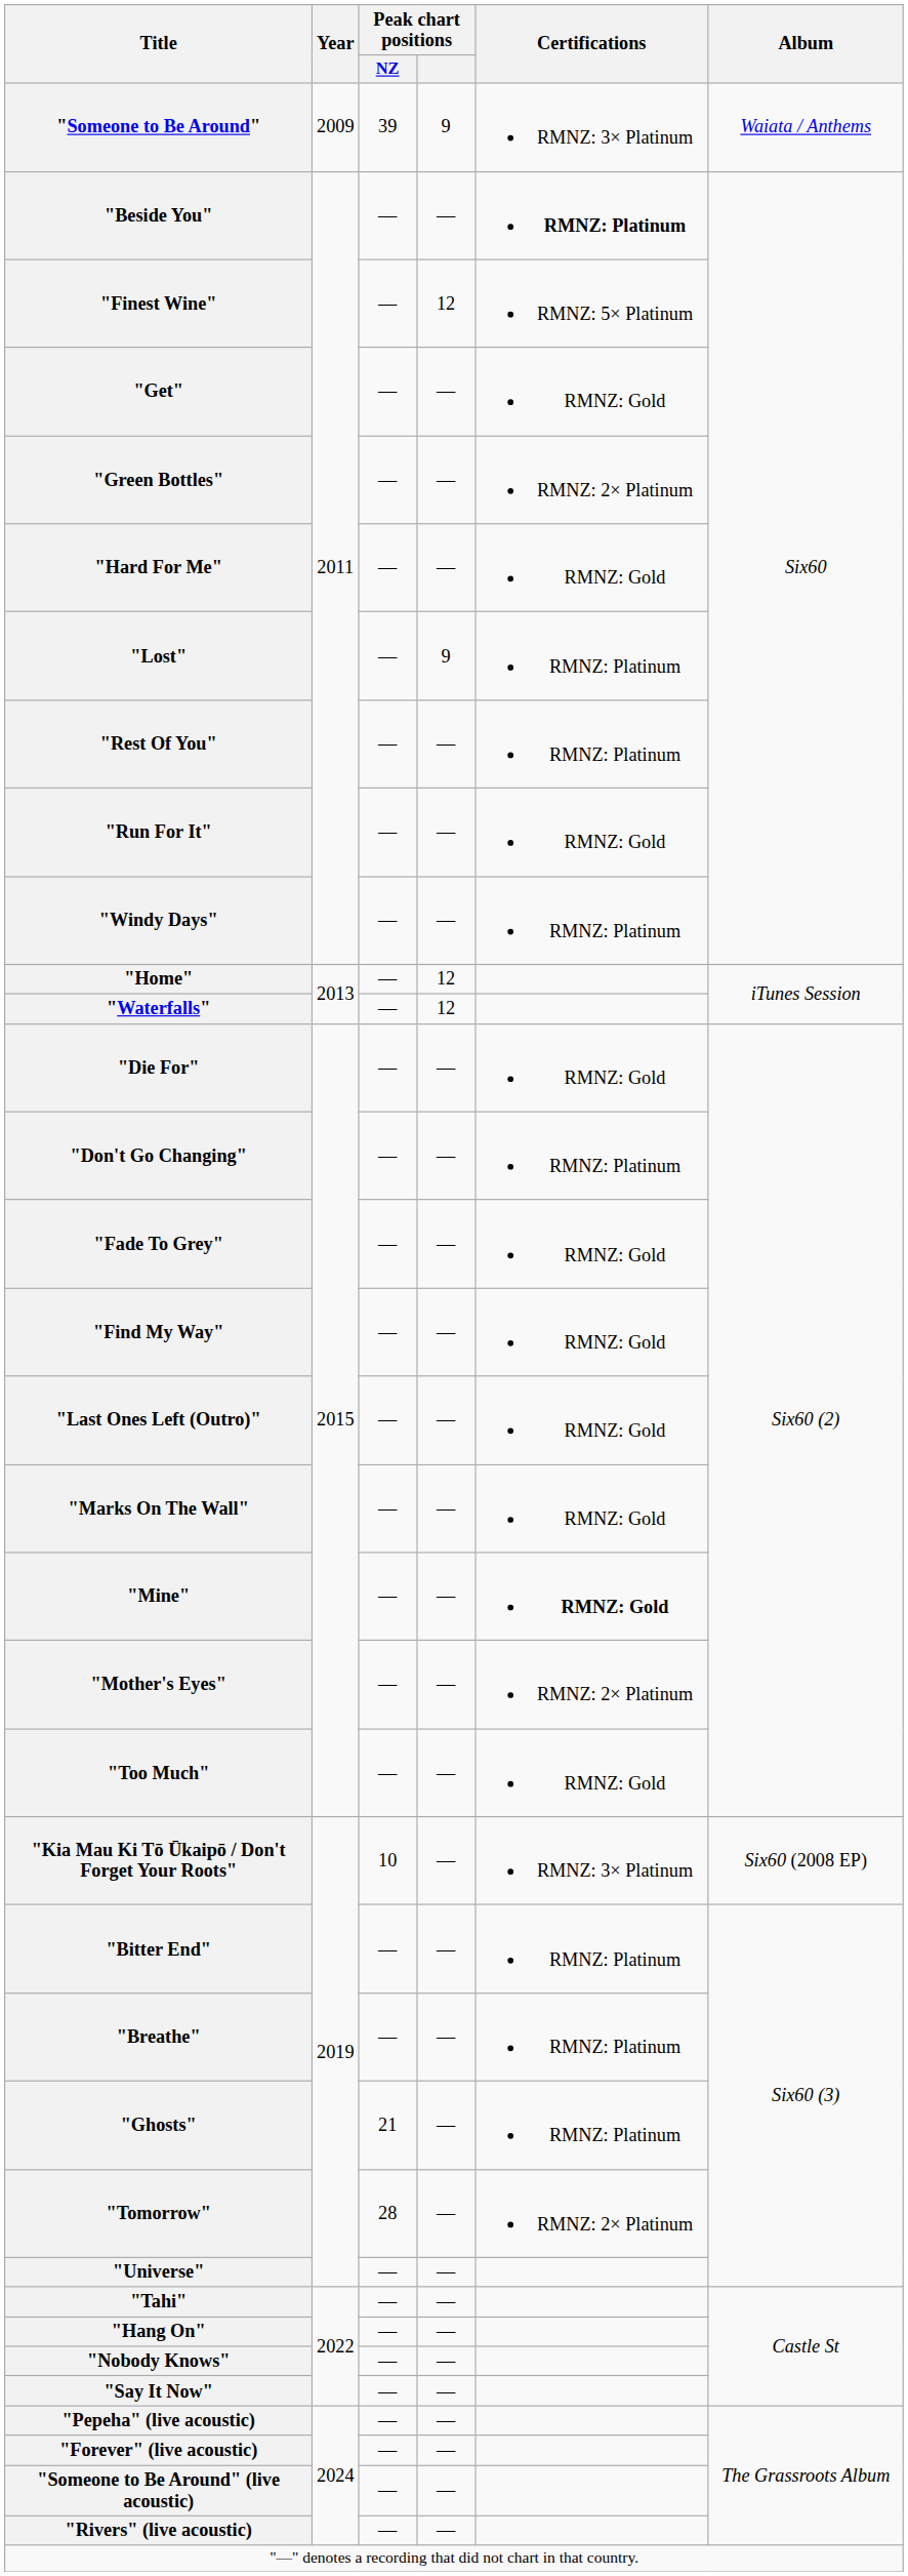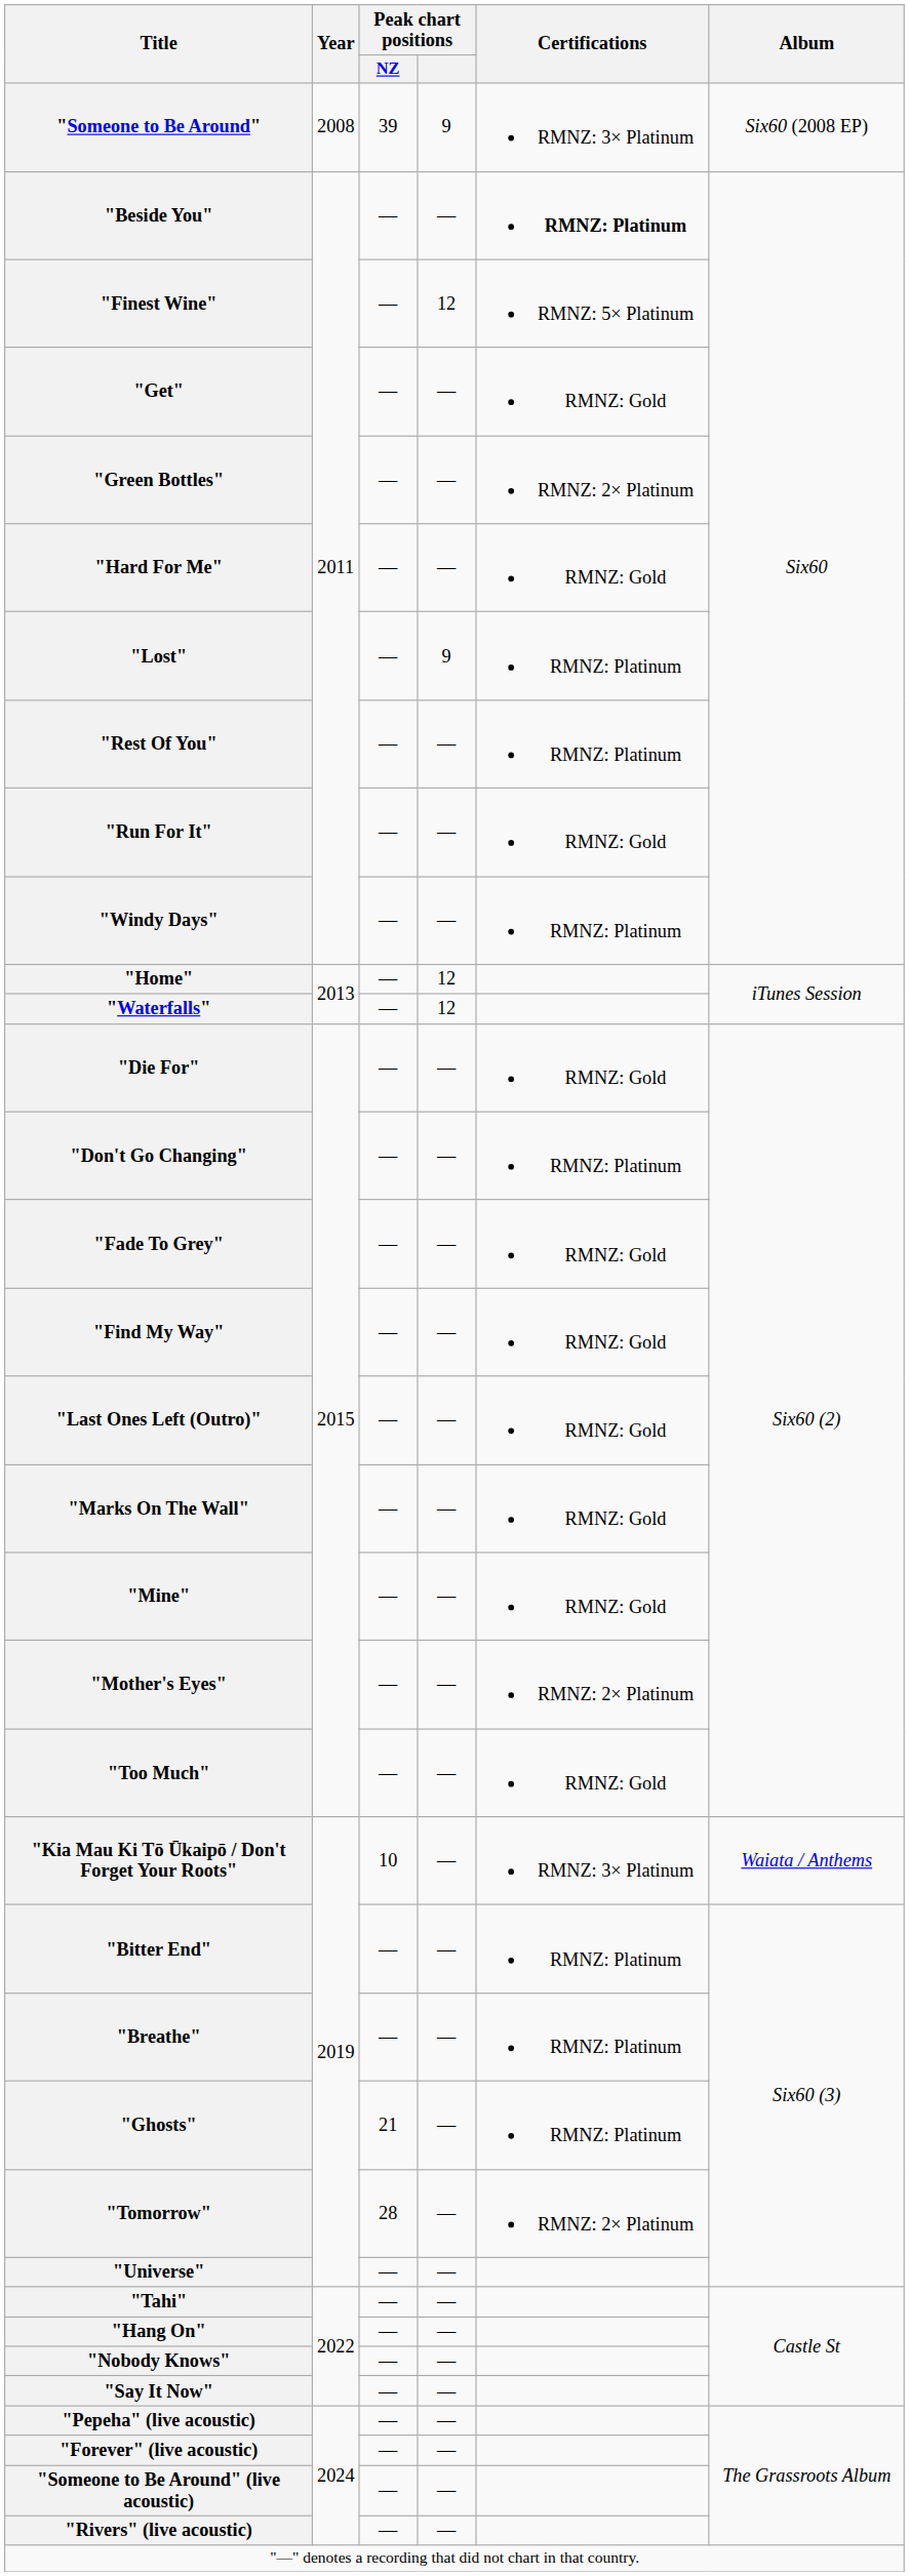 <table class="wikitable plainrowheaders" style="text-align:center;">
 <tr>
 <th scope="col" rowspan="2" style="width:16em;">Title</th>
 <th scope="col" rowspan="2" style="width:1em;">Year</th>
 <th scope="col" colspan="2">Peak chart positions</th>
 <th scope="col" rowspan="2" style="width:12em;">Certifications</th>
 <th scope="col" rowspan="2" style="width:10em;">Album</th>
 </tr>
 <tr>
 <th scope="col" style="width:3em;font-size:90%;"><a href='#'>NZ</a><br></th>
 <th scope="col" style="width:3em;font-size:90%;"><a href='#'></a><br></th>
 </tr>
 <tr>
 <th scope="row">"<a href='#'>Someone to Be Around</a>"</th>
-<td>2009</td>
+<td>2008</td>
 <td>39</td>
 <td>9</td>
 <td><br><ul><li>RMNZ: 3× Platinum</li></ul></td>
-<td><em><a href='#'>Waiata / Anthems</a></em></td>
+<td><em>Six60</em> (2008 EP)</td>
 </tr>
 <tr>
 <th scope="row">"Beside You"</th>
 <td rowspan="9">2011</td>
 <td>—</td>
 <td>—</td>
 <td><strong><br><ul><li>RMNZ: Platinum</li></ul></strong></td>
 <td rowspan="9"><em>Six60</em></td>
 </tr>
 <tr>
 <th scope="row">"Finest Wine"</th>
 <td>—</td>
 <td>12</td>
 <td><br><ul><li>RMNZ: 5× Platinum</li></ul></td>
 </tr>
 <tr>
 <th scope="row">"Get"</th>
 <td>—</td>
 <td>—</td>
 <td><br><ul><li>RMNZ: Gold</li></ul></td>
 </tr>
 <tr>
 <th scope="row">"Green Bottles"</th>
 <td>—</td>
 <td>—</td>
 <td><br><ul><li>RMNZ: 2× Platinum</li></ul></td>
 </tr>
 <tr>
 <th scope="row">"Hard For Me"</th>
 <td>—</td>
 <td>—</td>
 <td><br><ul><li>RMNZ: Gold</li></ul></td>
 </tr>
 <tr>
 <th scope="row">"Lost"</th>
 <td>—</td>
 <td>9</td>
 <td><br><ul><li>RMNZ: Platinum</li></ul></td>
 </tr>
 <tr>
 <th scope="row">"Rest Of You"</th>
 <td>—</td>
 <td>—</td>
 <td><br><ul><li>RMNZ: Platinum</li></ul></td>
 </tr>
 <tr>
 <th scope="row">"Run For It"</th>
 <td>—</td>
 <td>—</td>
 <td><br><ul><li>RMNZ: Gold</li></ul></td>
 </tr>
 <tr>
 <th scope="row">"Windy Days"</th>
 <td>—</td>
 <td>—</td>
 <td><br><ul><li>RMNZ: Platinum</li></ul></td>
 </tr>
 <tr>
 <th scope="row">"Home"</th>
 <td rowspan="2">2013</td>
 <td>—</td>
 <td>12</td>
 <td></td>
 <td rowspan="2"><em>iTunes Session</em></td>
 </tr>
 <tr>
 <th scope="row">"<a href='#'>Waterfalls</a>"</th>
 <td>—</td>
 <td>12</td>
 <td></td>
 </tr>
 <tr>
 <th scope="row">"Die For"</th>
 <td rowspan=9>2015</td>
 <td>—</td>
 <td>—</td>
 <td><br><ul><li>RMNZ: Gold</li></ul></td>
 <td rowspan=9><em>Six60 (2)</em></td>
 </tr>
 <tr>
 <th scope="row">"Don't Go Changing"</th>
 <td>—</td>
 <td>—</td>
 <td><br><ul><li>RMNZ: Platinum</li></ul></td>
 </tr>
 <tr>
 <th scope="row">"Fade To Grey"</th>
 <td>—</td>
 <td>—</td>
 <td><br><ul><li>RMNZ: Gold</li></ul></td>
 </tr>
 <tr>
 <th scope="row">"Find My Way"</th>
 <td>—</td>
 <td>—</td>
 <td><br><ul><li>RMNZ: Gold</li></ul></td>
 </tr>
 <tr>
 <th scope="row">"Last Ones Left (Outro)"</th>
 <td>—</td>
 <td>—</td>
 <td><br><ul><li>RMNZ: Gold</li></ul></td>
 </tr>
 <tr>
 <th scope="row">"Marks On The Wall"</th>
 <td>—</td>
 <td>—</td>
 <td><br><ul><li>RMNZ: Gold</li></ul></td>
 </tr>
 <tr>
 <th scope="row">"Mine"</th>
 <td>—</td>
 <td>—</td>
-<td><strong><br><ul><li>RMNZ: Gold</li></ul></strong></td>
+<td><br><ul><li>RMNZ: Gold</li></ul></td>
 </tr>
 <tr>
 <th scope="row">"Mother's Eyes"</th>
 <td>—</td>
 <td>—</td>
 <td><br><ul><li>RMNZ: 2× Platinum</li></ul></td>
 </tr>
 <tr>
 <th scope="row">"Too Much"</th>
 <td>—</td>
 <td>—</td>
 <td><br><ul><li>RMNZ: Gold</li></ul></td>
 </tr>
 <tr>
 <th scope="row">"Kia Mau Ki Tō Ūkaipō / Don't Forget Your Roots"</th>
 <td rowspan="6">2019</td>
 <td>10</td>
 <td>—</td>
 <td><br><ul><li>RMNZ: 3× Platinum</li></ul></td>
-<td><em>Six60</em> (2008 EP)</td>
+<td><em><a href='#'>Waiata / Anthems</a></em></td>
 </tr>
 <tr>
 <th scope="row">"Bitter End"</th>
 <td>—</td>
 <td>—</td>
 <td><br><ul><li>RMNZ: Platinum</li></ul></td>
 <td rowspan="5"><em>Six60 (3)</em></td>
 </tr>
 <tr>
 <th scope="row">"Breathe"</th>
 <td>—</td>
 <td>—</td>
 <td><br><ul><li>RMNZ: Platinum</li></ul></td>
 </tr>
 <tr>
 <th scope="row">"Ghosts"</th>
 <td>21</td>
 <td>—</td>
 <td><br><ul><li>RMNZ: Platinum</li></ul></td>
 </tr>
 <tr>
 <th scope="row">"Tomorrow"</th>
 <td>28</td>
 <td>—</td>
 <td><br><ul><li>RMNZ: 2× Platinum</li></ul></td>
 </tr>
 <tr>
 <th scope="row">"Universe"</th>
 <td>—</td>
 <td>—</td>
 <td></td>
 </tr>
 <tr>
 <th scope="row">"Tahi"</th>
 <td rowspan="4">2022</td>
 <td>—</td>
 <td>—</td>
 <td></td>
 <td rowspan="4"><em>Castle St</em></td>
 </tr>
 <tr>
 <th scope="row">"Hang On"</th>
 <td>—</td>
 <td>—</td>
 <td></td>
 </tr>
 <tr>
 <th scope="row">"Nobody Knows"</th>
 <td>—</td>
 <td>—</td>
 <td></td>
 </tr>
 <tr>
 <th scope="row">"Say It Now"</th>
 <td>—</td>
 <td>—</td>
 <td></td>
 </tr>
 <tr>
 <th scope="row">"Pepeha" (live acoustic)</th>
 <td rowspan="4">2024</td>
 <td>—</td>
 <td>—</td>
 <td></td>
 <td rowspan="4"><em>The Grassroots Album</em></td>
 </tr>
 <tr>
 <th scope="row">"Forever" (live acoustic)</th>
 <td>—</td>
 <td>—</td>
 <td></td>
 </tr>
 <tr>
 <th scope="row">"Someone to Be Around" (live acoustic)</th>
 <td>—</td>
 <td>—</td>
 <td></td>
 </tr>
 <tr>
 <th scope="row">"Rivers" (live acoustic)</th>
 <td>—</td>
 <td>—</td>
 <td></td>
 </tr>
 <tr>
 <td colspan="6" style="font-size:85%;">"—" denotes a recording that did not chart in that country.</td>
 </tr>
 </table>
